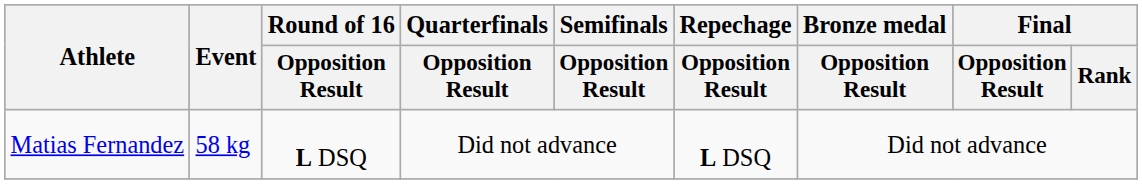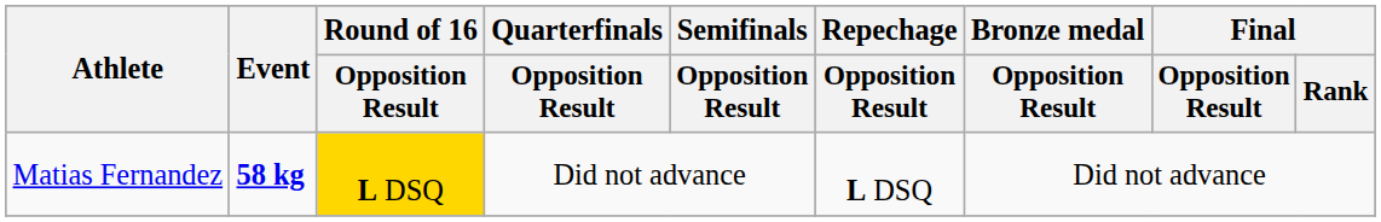 <table class="wikitable" style="font-size:90%">
 <tr>
 <th rowspan=2>Athlete</th>
 <th rowspan=2>Event</th>
 <th>Round of 16</th>
 <th>Quarterfinals</th>
 <th>Semifinals</th>
 <th>Repechage</th>
 <th>Bronze medal</th>
 <th colspan=2>Final</th>
 </tr>
 <tr style="font-size:95%">
 <th>Opposition<br>Result</th>
 <th>Opposition<br>Result</th>
 <th>Opposition<br>Result</th>
 <th>Opposition<br>Result</th>
 <th>Opposition<br>Result</th>
 <th>Opposition<br>Result</th>
 <th>Rank</th>
 </tr>
 <tr align=center>
 <td align=left><a href='#'>Matias Fernandez</a></td>
-<td align=left><a href='#'>58 kg</a></td>
-<td><br><strong>L</strong> DSQ</td>
+<td align=left><strong><a href='#'>58 kg</a></strong></td>
+<td style="background: gold;"><br><strong>L</strong> DSQ</td>
 <td colspan=2>Did not advance</td>
 <td><br><strong>L</strong> DSQ</td>
 <td colspan=3>Did not advance</td>
 </tr>
 </table>
